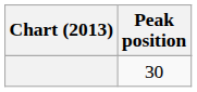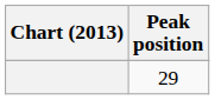 <table class="wikitable sortable plainrowheaders">
 <tr>
 <th>Chart (2013)</th>
 <th>Peak<br> position</th>
 </tr>
 <tr>
 </tr>
 <tr>
 <th></th>
-<td align=center>30</td>
+<td align=center>29</td>
 </tr>
 </table>
